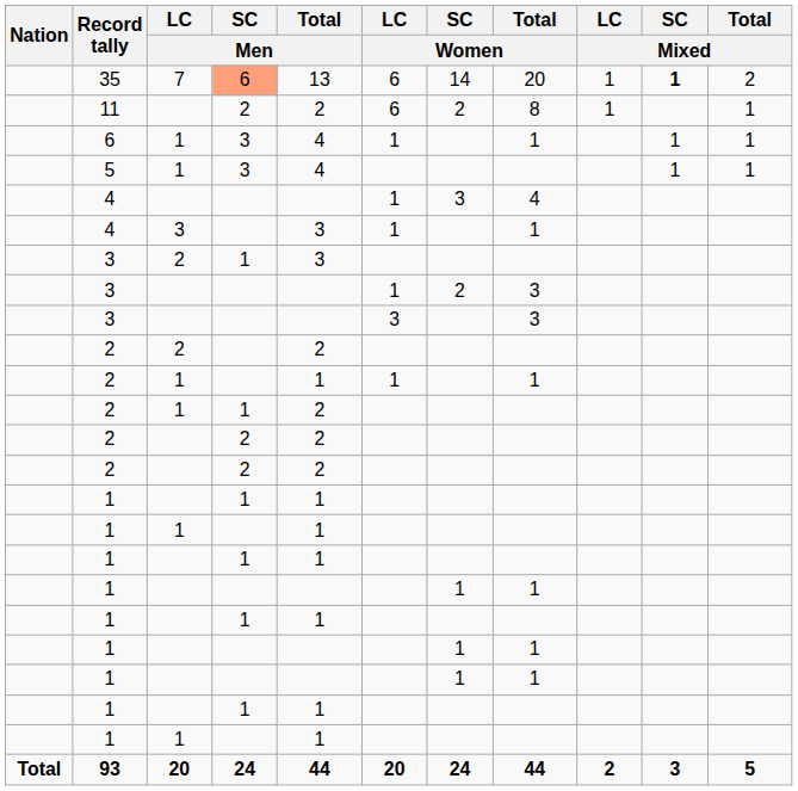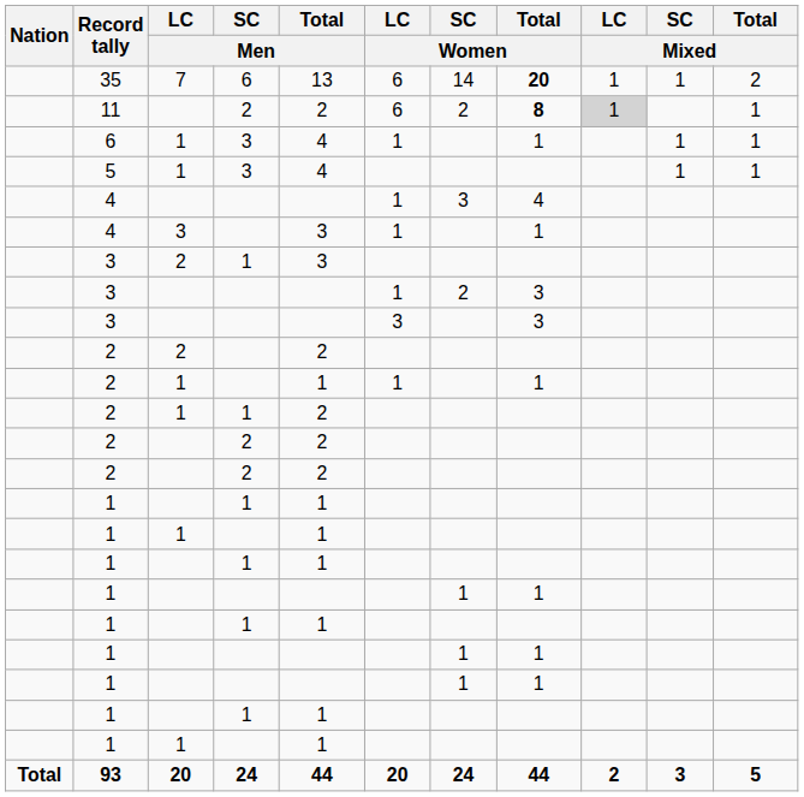 <table class="wikitable sortable" style="text-align:center">
 <tr>
 <th rowspan="2">Nation</th>
 <th rowspan="2">Record<br>tally</th>
 <th style="width:3em">LC</th>
 <th style="width:3em">SC</th>
 <th style="width:4em">Total</th>
 <th style="width:3em">LC</th>
 <th style="width:3em">SC</th>
 <th style="width:4em">Total</th>
 <th style="width:3em">LC</th>
 <th style="width:3em">SC</th>
 <th style="width:4em">Total</th>
 </tr>
 <tr class="unsortable">
 <th colspan="3">Men</th>
 <th colspan="3">Women</th>
 <th colspan="3">Mixed</th>
 </tr>
 <tr>
 <td align=left></td>
 <td>35</td>
 <td>7</td>
-<td style="background: lightsalmon;">6</td>
+<td>6</td>
 <td>13</td>
 <td>6</td>
 <td>14</td>
-<td>20</td>
+<td><strong>20</strong></td>
 <td>1</td>
-<td><strong>1</strong></td>
+<td>1</td>
 <td>2</td>
 </tr>
 <tr>
 <td align=left></td>
 <td>11</td>
 <td></td>
 <td>2</td>
 <td>2</td>
 <td>6</td>
 <td>2</td>
-<td>8</td>
-<td>1</td>
+<td><strong>8</strong></td>
+<td style="background: lightgrey;">1</td>
 <td></td>
 <td>1</td>
 </tr>
 <tr>
 <td align=left></td>
 <td>6</td>
 <td>1</td>
 <td>3</td>
 <td>4</td>
 <td>1</td>
 <td></td>
 <td>1</td>
 <td></td>
 <td>1</td>
 <td>1</td>
 </tr>
 <tr>
 <td align=left></td>
 <td>5</td>
 <td>1</td>
 <td>3</td>
 <td>4</td>
 <td></td>
 <td></td>
 <td></td>
 <td></td>
 <td>1</td>
 <td>1</td>
 </tr>
 <tr>
 <td align=left></td>
 <td>4</td>
 <td></td>
 <td></td>
 <td></td>
 <td>1</td>
 <td>3</td>
 <td>4</td>
 <td></td>
 <td></td>
 <td></td>
 </tr>
 <tr>
 <td align=left></td>
 <td>4</td>
 <td>3</td>
 <td></td>
 <td>3</td>
 <td>1</td>
 <td></td>
 <td>1</td>
 <td></td>
 <td></td>
 <td></td>
 </tr>
 <tr>
 <td align=left></td>
 <td>3</td>
 <td>2</td>
 <td>1</td>
 <td>3</td>
 <td></td>
 <td></td>
 <td></td>
 <td></td>
 <td></td>
 <td></td>
 </tr>
 <tr>
 <td align=left></td>
 <td>3</td>
 <td></td>
 <td></td>
 <td></td>
 <td>1</td>
 <td>2</td>
 <td>3</td>
 <td></td>
 <td></td>
 <td></td>
 </tr>
 <tr>
 <td align=left></td>
 <td>3</td>
 <td></td>
 <td></td>
 <td></td>
 <td>3</td>
 <td></td>
 <td>3</td>
 <td></td>
 <td></td>
 <td></td>
 </tr>
 <tr>
 <td align=left></td>
 <td>2</td>
 <td>2</td>
 <td></td>
 <td>2</td>
 <td></td>
 <td></td>
 <td></td>
 <td></td>
 <td></td>
 <td></td>
 </tr>
 <tr>
 <td align=left></td>
 <td>2</td>
 <td>1</td>
 <td></td>
 <td>1</td>
 <td>1</td>
 <td></td>
 <td>1</td>
 <td></td>
 <td></td>
 <td></td>
 </tr>
 <tr>
 <td align=left></td>
 <td>2</td>
 <td>1</td>
 <td>1</td>
 <td>2</td>
 <td></td>
 <td></td>
 <td></td>
 <td></td>
 <td></td>
 <td></td>
 </tr>
 <tr>
 <td align=left></td>
 <td>2</td>
 <td></td>
 <td>2</td>
 <td>2</td>
 <td></td>
 <td></td>
 <td></td>
 <td></td>
 <td></td>
 <td></td>
 </tr>
 <tr>
 <td align=left></td>
 <td>2</td>
 <td></td>
 <td>2</td>
 <td>2</td>
 <td></td>
 <td></td>
 <td></td>
 <td></td>
 <td></td>
 <td></td>
 </tr>
 <tr>
 <td align=left></td>
 <td>1</td>
 <td></td>
 <td>1</td>
 <td>1</td>
 <td></td>
 <td></td>
 <td></td>
 <td></td>
 <td></td>
 <td></td>
 </tr>
 <tr>
 <td align=left></td>
 <td>1</td>
 <td>1</td>
 <td></td>
 <td>1</td>
 <td></td>
 <td></td>
 <td></td>
 <td></td>
 <td></td>
 <td></td>
 </tr>
 <tr>
 <td align=left></td>
 <td>1</td>
 <td></td>
 <td>1</td>
 <td>1</td>
 <td></td>
 <td></td>
 <td></td>
 <td></td>
 <td></td>
 <td></td>
 </tr>
 <tr>
 <td align=left></td>
 <td>1</td>
 <td></td>
 <td></td>
 <td></td>
 <td></td>
 <td>1</td>
 <td>1</td>
 <td></td>
 <td></td>
 <td></td>
 </tr>
 <tr>
 <td align=left></td>
 <td>1</td>
 <td></td>
 <td>1</td>
 <td>1</td>
 <td></td>
 <td></td>
 <td></td>
 <td></td>
 <td></td>
 <td></td>
 </tr>
 <tr>
 <td align=left></td>
 <td>1</td>
 <td></td>
 <td></td>
 <td></td>
 <td></td>
 <td>1</td>
 <td>1</td>
 <td></td>
 <td></td>
 <td></td>
 </tr>
 <tr>
 <td align=left></td>
 <td>1</td>
 <td></td>
 <td></td>
 <td></td>
 <td></td>
 <td>1</td>
 <td>1</td>
 <td></td>
 <td></td>
 <td></td>
 </tr>
 <tr>
 <td align=left></td>
 <td>1</td>
 <td></td>
 <td>1</td>
 <td>1</td>
 <td></td>
 <td></td>
 <td></td>
 <td></td>
 <td></td>
 <td></td>
 </tr>
 <tr>
 <td align=left></td>
 <td>1</td>
 <td>1</td>
 <td></td>
 <td>1</td>
 <td></td>
 <td></td>
 <td></td>
 <td></td>
 <td></td>
 <td></td>
 </tr>
 <tr class=sortbottom>
 <td><strong>Total</strong></td>
 <td><strong>93</strong></td>
 <td><strong>20</strong></td>
 <td><strong>24</strong></td>
 <td><strong>44</strong></td>
 <td><strong>20</strong></td>
 <td><strong>24</strong></td>
 <td><strong>44</strong></td>
 <td><strong>2</strong></td>
 <td><strong>3</strong></td>
 <td><strong>5</strong></td>
 </tr>
 </table>
